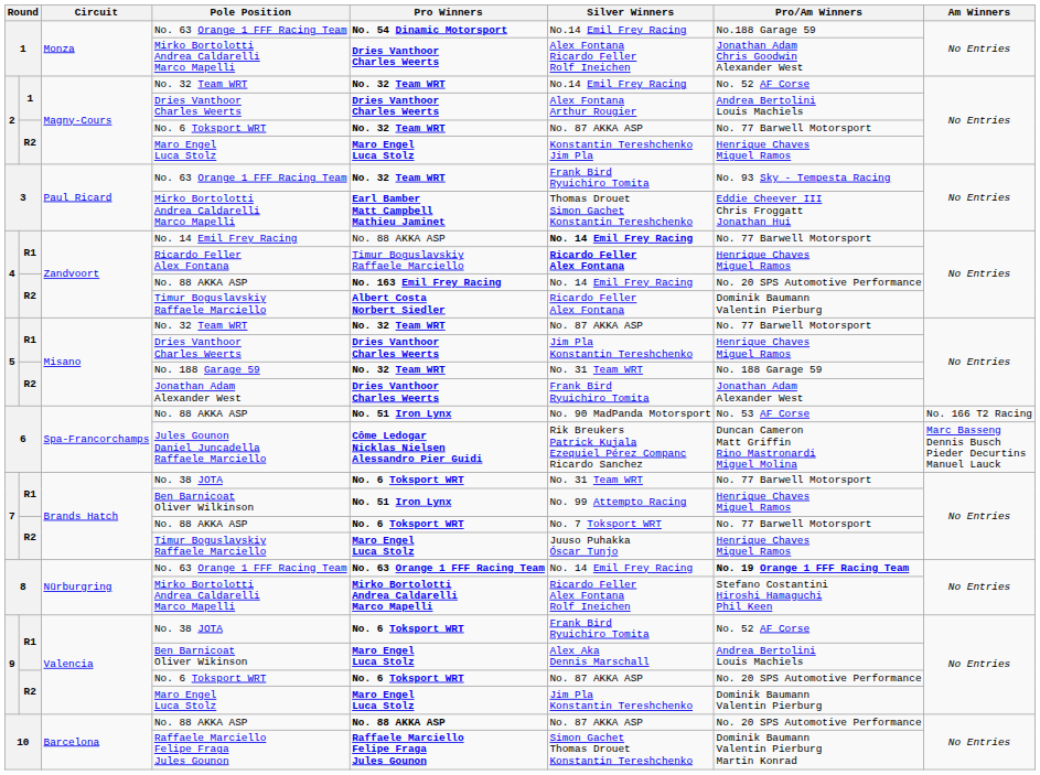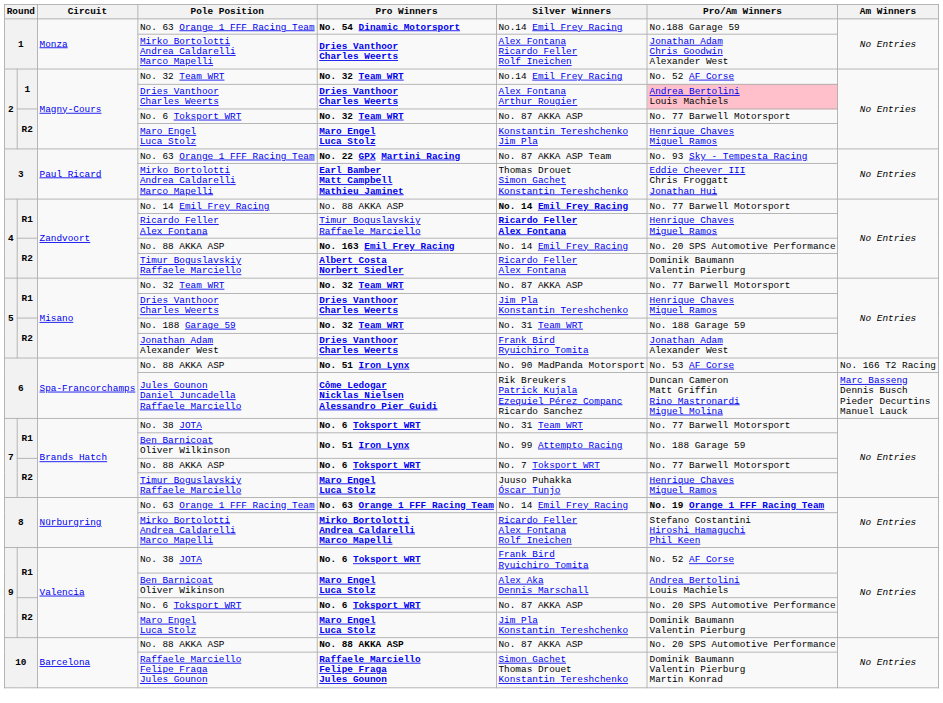 <table class="wikitable" style="font-size:85%">
 <tr>
 <th colspan=2>Round</th>
 <th>Circuit</th>
 <th>Pole Position</th>
 <th>Pro Winners</th>
 <th>Silver Winners</th>
 <th>Pro/Am Winners</th>
 <th>Am Winners</th>
 </tr>
 <tr>
 <th colspan=2 rowspan="2">1</th>
 <td rowspan="2"> <a href='#'>Monza</a></td>
 <td> No. 63 <a href='#'>Orange 1 FFF Racing Team</a></td>
 <td><strong> No. 54 <a href='#'>Dinamic Motorsport</a></strong></td>
 <td> No.14 <a href='#'>Emil Frey Racing</a></td>
 <td> No.188 Garage 59</td>
 <td rowspan=2 align=center><em>No Entries</em></td>
 </tr>
 <tr>
 <td> <a href='#'>Mirko Bortolotti</a><br> <a href='#'>Andrea Caldarelli</a><br> <a href='#'>Marco Mapelli</a></td>
 <td><strong> <a href='#'>Dries Vanthoor</a><br> <a href='#'>Charles Weerts</a></strong></td>
 <td> <a href='#'>Alex Fontana</a><br> <a href='#'>Ricardo Feller</a><br> <a href='#'>Rolf Ineichen</a></td>
 <td> <a href='#'>Jonathan Adam</a><br> <a href='#'>Chris Goodwin</a><br> Alexander West</td>
 </tr>
 <tr>
 <th rowspan="4">2</th>
 <th rowspan=2>1</th>
 <td rowspan="4"> <a href='#'>Magny-Cours</a></td>
 <td> No. 32 <a href='#'>Team WRT</a></td>
 <td><strong> No. 32 <a href='#'>Team WRT</a></strong></td>
 <td> No.14 <a href='#'>Emil Frey Racing</a></td>
 <td> No. 52 <a href='#'>AF Corse</a></td>
 <td rowspan=4 align=center><em>No Entries</em></td>
 </tr>
 <tr>
 <td> <a href='#'>Dries Vanthoor</a><br> <a href='#'>Charles Weerts</a></td>
 <td><strong> <a href='#'>Dries Vanthoor</a><br> <a href='#'>Charles Weerts</a></strong></td>
 <td> <a href='#'>Alex Fontana</a><br> <a href='#'>Arthur Rougier</a></td>
-<td> <a href='#'>Andrea Bertolini</a><br> Louis Machiels</td>
+<td style="background: pink;"> <a href='#'>Andrea Bertolini</a><br> Louis Machiels</td>
 </tr>
 <tr>
 <th rowspan=2>R2</th>
 <td> No. 6 <a href='#'>Toksport WRT</a></td>
 <td><strong> No. 32 <a href='#'>Team WRT</a></strong></td>
 <td> No. 87 AKKA ASP</td>
 <td> No. 77 Barwell Motorsport</td>
 </tr>
 <tr>
 <td> <a href='#'>Maro Engel</a><br> <a href='#'>Luca Stolz</a></td>
 <td><strong> <a href='#'>Maro Engel</a><br> <a href='#'>Luca Stolz</a></strong></td>
 <td> <a href='#'>Konstantin Tereshchenko</a><br> <a href='#'>Jim Pla</a></td>
 <td> <a href='#'>Henrique Chaves</a><br> <a href='#'>Miguel Ramos</a></td>
 </tr>
 <tr>
 <th colspan=2 rowspan="2">3</th>
 <td rowspan="2"> <a href='#'>Paul Ricard</a></td>
 <td> No. 63 <a href='#'>Orange 1 FFF Racing Team</a></td>
-<td><strong> No. 32 <a href='#'>Team WRT</a></strong></td>
-<td> <a href='#'>Frank Bird</a><br> <a href='#'>Ryuichiro Tomita</a></td>
+<td><strong> No. 22 <a href='#'>GPX</a> <a href='#'>Martini Racing</a></strong></td>
+<td> No. 87 AKKA ASP Team</td>
 <td> No. 93 <a href='#'>Sky - Tempesta Racing</a></td>
 <td rowspan=2 align=center><em>No Entries</em></td>
 </tr>
 <tr>
 <td> <a href='#'>Mirko Bortolotti</a><br> <a href='#'>Andrea Caldarelli</a><br> <a href='#'>Marco Mapelli</a></td>
 <td><strong> <a href='#'>Earl Bamber</a><br> <a href='#'>Matt Campbell</a><br> <a href='#'>Mathieu Jaminet</a></strong></td>
 <td> Thomas Drouet<br> <a href='#'>Simon Gachet</a><br> <a href='#'>Konstantin Tereshchenko</a></td>
 <td> <a href='#'>Eddie Cheever III</a><br> Chris Froggatt<br> <a href='#'>Jonathan Hui</a></td>
 </tr>
 <tr>
 <th rowspan="4">4</th>
 <th rowspan=2>R1</th>
 <td rowspan="4"> <a href='#'>Zandvoort</a></td>
 <td> No. 14 <a href='#'>Emil Frey Racing</a></td>
 <td> No. 88 AKKA ASP</td>
 <td> <strong>No. 14 <a href='#'>Emil Frey Racing</a></strong></td>
 <td> No. 77 Barwell Motorsport</td>
 <td rowspan="4" align="center"><em>No Entries</em></td>
 </tr>
 <tr>
 <td> <a href='#'>Ricardo Feller</a><br> <a href='#'>Alex Fontana</a></td>
 <td> <a href='#'>Timur Boguslavskiy</a><br> <a href='#'>Raffaele Marciello</a></td>
 <td><strong> <a href='#'>Ricardo Feller</a><br> <a href='#'>Alex Fontana</a></strong></td>
 <td> <a href='#'>Henrique Chaves</a><br> <a href='#'>Miguel Ramos</a></td>
 </tr>
 <tr>
 <th rowspan=2>R2</th>
 <td> No. 88 AKKA ASP</td>
 <td><strong> No. 163 <a href='#'>Emil Frey Racing</a></strong></td>
 <td> No. 14 <a href='#'>Emil Frey Racing</a></td>
 <td> No. 20 SPS Automotive Performance</td>
 </tr>
 <tr>
 <td> <a href='#'>Timur Boguslavskiy</a><br> <a href='#'>Raffaele Marciello</a></td>
 <td><strong> <a href='#'>Albert Costa</a><br> <a href='#'>Norbert Siedler</a></strong></td>
 <td> <a href='#'>Ricardo Feller</a><br> <a href='#'>Alex Fontana</a></td>
 <td> Dominik Baumann<br> Valentin Pierburg</td>
 </tr>
 <tr>
 <th rowspan="4">5</th>
 <th rowspan=2>R1</th>
 <td rowspan="4"> <a href='#'>Misano</a></td>
 <td> No. 32 <a href='#'>Team WRT</a></td>
 <td><strong> No. 32 <a href='#'>Team WRT</a></strong></td>
 <td> No. 87 AKKA ASP</td>
 <td> No. 77 Barwell Motorsport</td>
 <td rowspan="4" align="center"><em>No Entries</em></td>
 </tr>
 <tr>
 <td> <a href='#'>Dries Vanthoor</a><br> <a href='#'>Charles Weerts</a></td>
 <td><strong> <a href='#'>Dries Vanthoor</a><br> <a href='#'>Charles Weerts</a></strong></td>
 <td> <a href='#'>Jim Pla</a><br> <a href='#'>Konstantin Tereshchenko</a></td>
 <td> <a href='#'>Henrique Chaves</a><br> <a href='#'>Miguel Ramos</a></td>
 </tr>
 <tr>
 <th rowspan=2>R2</th>
 <td> No. 188 <a href='#'>Garage 59</a></td>
 <td><strong> No. 32 <a href='#'>Team WRT</a></strong></td>
 <td> No. 31 <a href='#'>Team WRT</a></td>
 <td> No. 188 Garage 59</td>
 </tr>
 <tr>
 <td> <a href='#'>Jonathan Adam</a><br> Alexander West</td>
 <td><strong> <a href='#'>Dries Vanthoor</a><br> <a href='#'>Charles Weerts</a></strong></td>
 <td> <a href='#'>Frank Bird</a><br> <a href='#'>Ryuichiro Tomita</a></td>
 <td> <a href='#'>Jonathan Adam</a><br> Alexander West</td>
 </tr>
 <tr>
 <th colspan=2 rowspan="2">6</th>
 <td rowspan="2"> <a href='#'>Spa-Francorchamps</a></td>
 <td> No. 88 AKKA ASP</td>
 <td><strong> No. 51 <a href='#'>Iron Lynx</a></strong></td>
 <td> No. 90 MadPanda Motorsport</td>
 <td> No. 53 <a href='#'>AF Corse</a></td>
 <td> No. 166 T2 Racing</td>
 </tr>
 <tr>
 <td> <a href='#'>Jules Gounon</a><br> <a href='#'>Daniel Juncadella</a><br> <a href='#'>Raffaele Marciello</a></td>
 <td><strong> <a href='#'>Côme Ledogar</a><br> <a href='#'>Nicklas Nielsen</a><br> <a href='#'>Alessandro Pier Guidi</a></strong></td>
 <td> Rik Breukers<br> <a href='#'>Patrick Kujala</a><br> <a href='#'>Ezequiel Pérez Companc</a><br> Ricardo Sanchez</td>
 <td> Duncan Cameron<br> Matt Griffin<br> <a href='#'>Rino Mastronardi</a><br> <a href='#'>Miguel Molina</a></td>
 <td> <a href='#'>Marc Basseng</a><br> Dennis Busch<br> Pieder Decurtins<br> Manuel Lauck</td>
 </tr>
 <tr>
 <th rowspan="4">7</th>
 <th rowspan=2>R1</th>
 <td rowspan="4"> <a href='#'>Brands Hatch</a></td>
 <td> No. 38 <a href='#'>JOTA</a></td>
 <td><strong> No. 6 <a href='#'>Toksport WRT</a></strong></td>
 <td> No. 31 <a href='#'>Team WRT</a></td>
 <td> No. 77 Barwell Motorsport</td>
 <td rowspan=4 align=center><em>No Entries</em></td>
 </tr>
 <tr>
 <td> <a href='#'>Ben Barnicoat</a><br> Oliver Wilkinson</td>
 <td><strong> No. 51 <a href='#'>Iron Lynx</a></strong></td>
 <td> No. 99 <a href='#'>Attempto Racing</a></td>
-<td> <a href='#'>Henrique Chaves</a><br> <a href='#'>Miguel Ramos</a></td>
+<td> No. 188 Garage 59</td>
 </tr>
 <tr>
 <th rowspan=2>R2</th>
 <td> No. 88 AKKA ASP</td>
 <td><strong> No. 6 <a href='#'>Toksport WRT</a></strong></td>
 <td> No. 7 <a href='#'>Toksport WRT</a></td>
 <td> No. 77 Barwell Motorsport</td>
 </tr>
 <tr>
 <td> <a href='#'>Timur Boguslavskiy</a><br> <a href='#'>Raffaele Marciello</a></td>
 <td><strong> <a href='#'>Maro Engel</a><br> <a href='#'>Luca Stolz</a></strong></td>
 <td> Juuso Puhakka<br> <a href='#'>Óscar Tunjo</a></td>
 <td> <a href='#'>Henrique Chaves</a><br> <a href='#'>Miguel Ramos</a></td>
 </tr>
 <tr>
 <th colspan=2 rowspan="2">8</th>
 <td rowspan="2"> <a href='#'>Nürburgring</a></td>
 <td> No. 63 <a href='#'>Orange 1 FFF Racing Team</a></td>
 <td><strong> No. 63 <a href='#'>Orange 1 FFF Racing Team</a></strong></td>
 <td> No. 14 <a href='#'>Emil Frey Racing</a></td>
 <td><strong> No. 19 <a href='#'>Orange 1 FFF Racing Team</a></strong></td>
 <td rowspan="2" align="center"><em>No Entries</em></td>
 </tr>
 <tr>
 <td> <a href='#'>Mirko Bortolotti</a><br> <a href='#'>Andrea Caldarelli</a><br> <a href='#'>Marco Mapelli</a></td>
 <td><strong> <a href='#'>Mirko Bortolotti</a><br> <a href='#'>Andrea Caldarelli</a><br> <a href='#'>Marco Mapelli</a></strong></td>
 <td> <a href='#'>Ricardo Feller</a><br> <a href='#'>Alex Fontana</a><br> <a href='#'>Rolf Ineichen</a></td>
 <td> Stefano Costantini<br> <a href='#'>Hiroshi Hamaguchi</a><br> <a href='#'>Phil Keen</a></td>
 </tr>
 <tr>
 <th rowspan="4">9</th>
 <th rowspan=2>R1</th>
 <td rowspan="4"> <a href='#'>Valencia</a></td>
 <td> No. 38 <a href='#'>JOTA</a></td>
 <td><strong> No. 6 <a href='#'>Toksport WRT</a></strong></td>
 <td> <a href='#'>Frank Bird</a><br> <a href='#'>Ryuichiro Tomita</a></td>
 <td> No. 52 <a href='#'>AF Corse</a></td>
 <td rowspan=4 align=center><em>No Entries</em></td>
 </tr>
 <tr>
 <td> <a href='#'>Ben Barnicoat</a><br> Oliver Wikinson</td>
 <td><strong> <a href='#'>Maro Engel</a><br> <a href='#'>Luca Stolz</a></strong></td>
 <td> <a href='#'>Alex Aka</a><br> <a href='#'>Dennis Marschall</a></td>
 <td> <a href='#'>Andrea Bertolini</a><br> Louis Machiels</td>
 </tr>
 <tr>
 <th rowspan=2>R2</th>
 <td> No. 6 <a href='#'>Toksport WRT</a></td>
 <td><strong> No. 6 <a href='#'>Toksport WRT</a></strong></td>
 <td> No. 87 AKKA ASP</td>
 <td> No. 20 SPS Automotive Performance</td>
 </tr>
 <tr>
 <td> <a href='#'>Maro Engel</a><br> <a href='#'>Luca Stolz</a></td>
 <td><strong> <a href='#'>Maro Engel</a><br> <a href='#'>Luca Stolz</a></strong></td>
 <td> <a href='#'>Jim Pla</a><br> <a href='#'>Konstantin Tereshchenko</a></td>
 <td> Dominik Baumann<br> Valentin Pierburg</td>
 </tr>
 <tr>
 <th colspan=2 rowspan="2">10</th>
 <td rowspan="2!"> <a href='#'>Barcelona</a></td>
 <td> No. 88 AKKA ASP</td>
 <td><strong> No. 88 AKKA ASP</strong></td>
 <td> No. 87 AKKA ASP</td>
 <td> No. 20 SPS Automotive Performance</td>
 <td rowspan="2" align="center"><em>No Entries</em></td>
 </tr>
 <tr>
 <td> <a href='#'>Raffaele Marciello</a><br> <a href='#'>Felipe Fraga</a><br> <a href='#'>Jules Gounon</a></td>
 <td><strong> <a href='#'>Raffaele Marciello</a><br> <a href='#'>Felipe Fraga</a><br> <a href='#'>Jules Gounon</a></strong></td>
 <td> <a href='#'>Simon Gachet</a><br> Thomas Drouet<br> <a href='#'>Konstantin Tereshchenko</a></td>
 <td> Dominik Baumann<br> Valentin Pierburg<br> Martin Konrad</td>
 </tr>
 </table>
